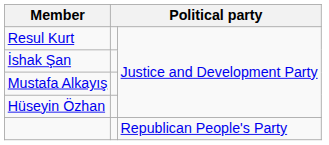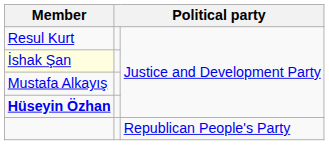 <table class="wikitable sortable">
 <tr>
 <th>Member</th>
 <th colspan="2">Political party</th>
 </tr>
 <tr>
 <td><a href='#'>Resul Kurt</a></td>
 <td style="background:"></td>
 <td rowspan="4"><a href='#'>Justice and Development Party</a></td>
 </tr>
 <tr>
-<td><a href='#'>İshak Şan</a></td>
+<td style="background: lightyellow;"><a href='#'>İshak Şan</a></td>
 <td style="background:"></td>
 </tr>
 <tr>
 <td><a href='#'>Mustafa Alkayış</a></td>
 <td style="background:"></td>
 </tr>
 <tr>
-<td><a href='#'>Hüseyin Özhan</a></td>
+<td><strong><a href='#'>Hüseyin Özhan</a></strong></td>
 <td style="background:"></td>
 </tr>
 <tr>
 <td></td>
 <td style="background:"></td>
 <td><a href='#'>Republican People's Party</a></td>
 </tr>
 </table>
